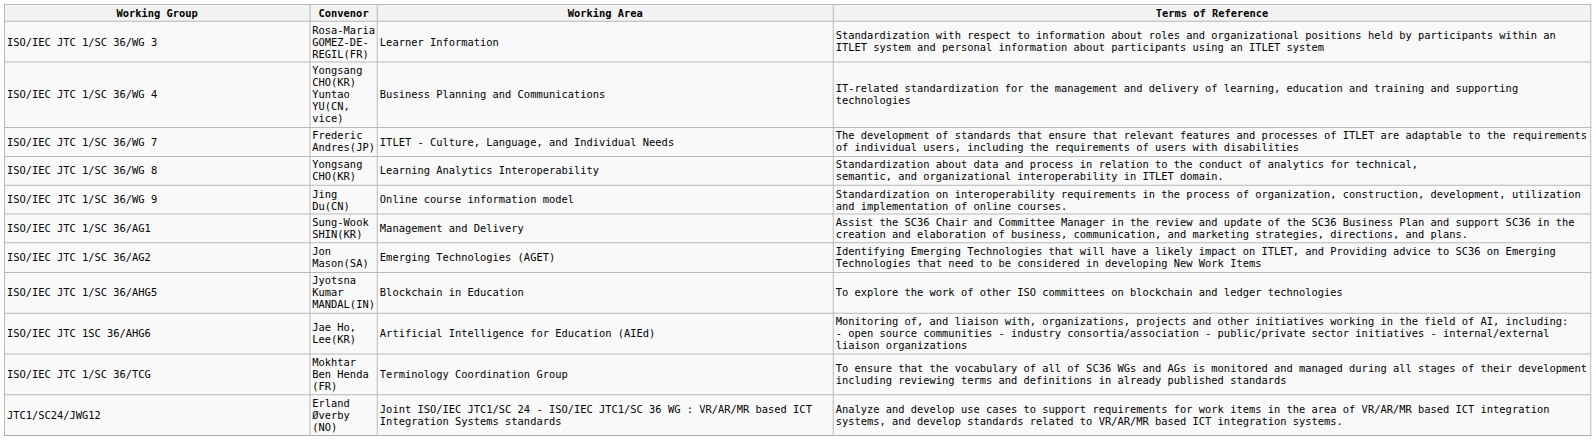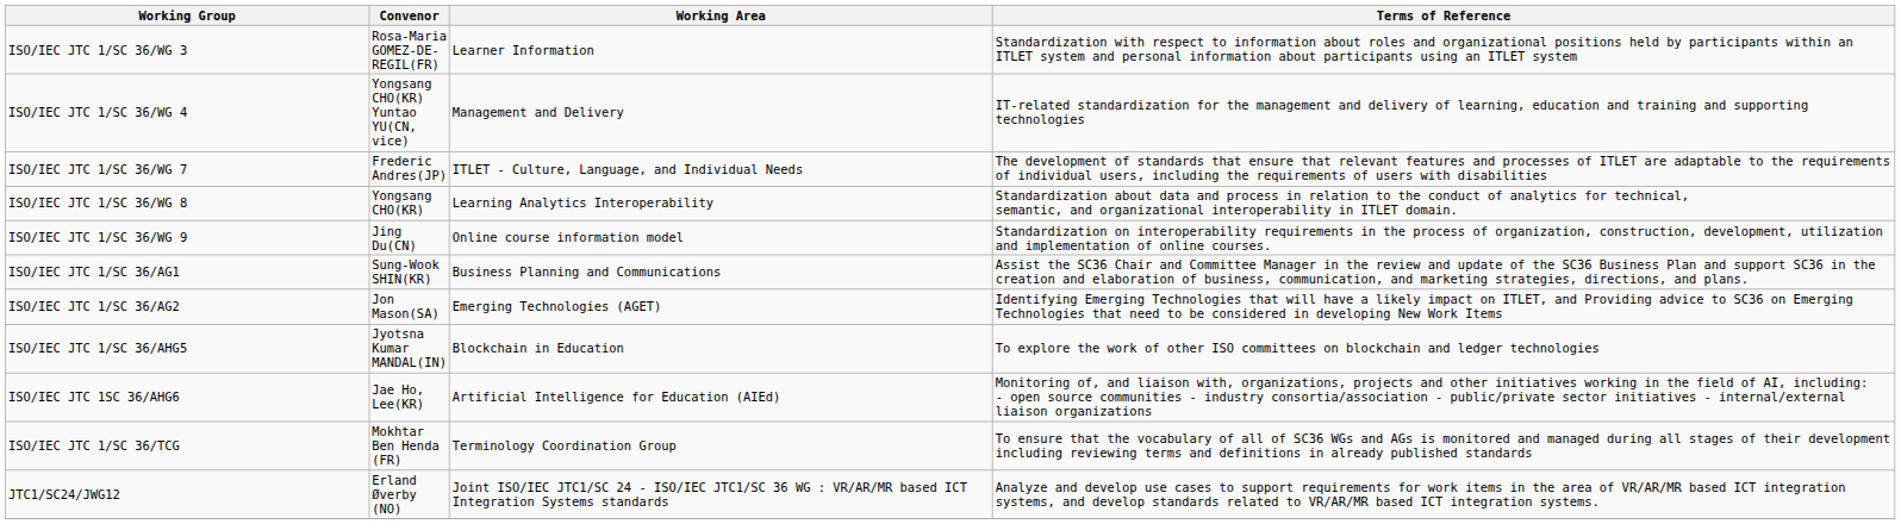 <table class="wikitable sortable" width="100%">
 <tr>
 <th width="20%">Working Group</th>
 <th>Convenor</th>
 <th width="30%">Working Area</th>
 <th width="50%">Terms of Reference</th>
 </tr>
 <tr>
 <td>ISO/IEC JTC 1/SC 36/WG 3</td>
 <td>Rosa-Maria GOMEZ-DE-REGIL(FR)</td>
 <td>Learner Information</td>
 <td>Standardization with respect to information about roles and organizational positions held by participants within an ITLET system and personal information about participants using an ITLET system</td>
 </tr>
 <tr>
 <td>ISO/IEC JTC 1/SC 36/WG 4</td>
 <td>Yongsang CHO(KR)<br>Yuntao YU(CN, vice)</td>
-<td>Business Planning and Communications</td>
+<td>Management and Delivery</td>
 <td>IT-related standardization for the management and delivery of learning, education and training and supporting technologies</td>
 </tr>
 <tr>
 <td>ISO/IEC JTC 1/SC 36/WG 7</td>
 <td>Frederic Andres(JP)</td>
 <td>ITLET - Culture, Language, and Individual Needs</td>
 <td>The development of standards that ensure that relevant features and processes of ITLET are adaptable to the requirements of individual users, including the requirements of users with disabilities</td>
 </tr>
 <tr>
 <td>ISO/IEC JTC 1/SC 36/WG 8</td>
 <td>Yongsang CHO(KR)</td>
 <td>Learning Analytics Interoperability</td>
 <td>Standardization about data and process in relation to the conduct of analytics for technical,<br>semantic, and organizational interoperability in ITLET domain.</td>
 </tr>
 <tr>
 <td>ISO/IEC JTC 1/SC 36/WG 9</td>
 <td>Jing Du(CN)</td>
 <td>Online course information model</td>
 <td>Standardization on interoperability requirements in the process of organization, construction, development, utilization and implementation of online courses.</td>
 </tr>
 <tr>
 <td>ISO/IEC JTC 1/SC 36/AG1</td>
 <td>Sung-Wook SHIN(KR)</td>
-<td>Management and Delivery</td>
+<td>Business Planning and Communications</td>
 <td>Assist the SC36 Chair and Committee Manager in the review and update of the SC36 Business Plan and support SC36 in the creation and elaboration of business, communication, and marketing strategies, directions, and plans.</td>
 </tr>
 <tr>
 <td>ISO/IEC JTC 1/SC 36/AG2</td>
 <td>Jon Mason(SA)</td>
 <td>Emerging Technologies (AGET)</td>
 <td>Identifying Emerging Technologies that will have a likely impact on ITLET, and Providing advice to SC36 on Emerging Technologies that need to be considered in developing New Work Items</td>
 </tr>
 <tr>
 <td>ISO/IEC JTC 1/SC 36/AHG5</td>
 <td>Jyotsna Kumar MANDAL(IN)</td>
 <td>Blockchain in Education</td>
 <td>To explore the work of other ISO committees on blockchain and ledger technologies</td>
 </tr>
 <tr>
 <td>ISO/IEC JTC 1SC 36/AHG6</td>
 <td>Jae Ho, Lee(KR)</td>
 <td>Artificial Intelligence for Education (AIEd)</td>
 <td>Monitoring of, and liaison with, organizations, projects and other initiatives working in the field of AI, including:<br>- open source communities - industry consortia/association - public/private sector initiatives - internal/external liaison organizations</td>
 </tr>
 <tr>
 <td>ISO/IEC JTC 1/SC 36/TCG</td>
 <td>Mokhtar Ben Henda (FR)</td>
 <td>Terminology Coordination Group</td>
 <td>To ensure that the vocabulary of all of SC36 WGs and AGs is monitored and managed during all stages of their development including reviewing terms and definitions in already published standards</td>
 </tr>
 <tr>
 <td>JTC1/SC24/JWG12</td>
 <td>Erland Øverby (NO)</td>
 <td>Joint ISO/IEC JTC1/SC 24 - ISO/IEC JTC1/SC 36 WG : VR/AR/MR based ICT Integration Systems standards</td>
 <td>Analyze and develop use cases to support requirements for work items in the area of VR/AR/MR based ICT integration systems, and develop standards related to VR/AR/MR based ICT integration systems.</td>
 </tr>
 <tr>
 </tr>
 </table>
